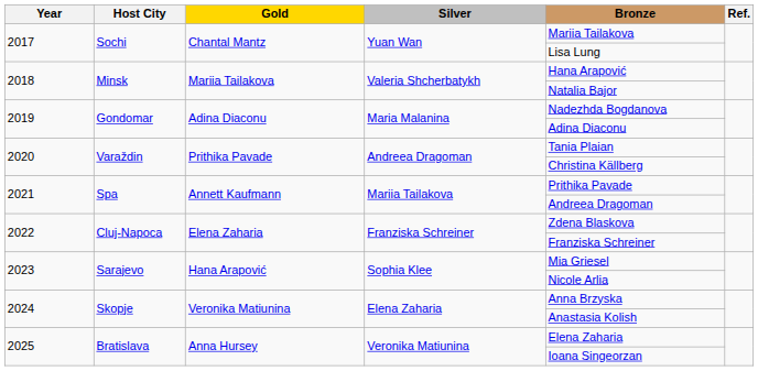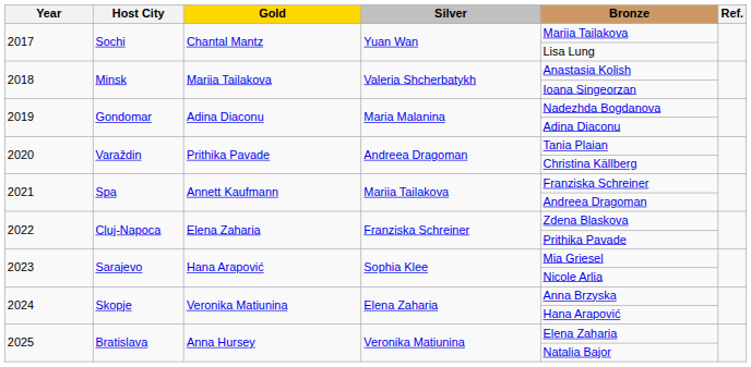 <table class="wikitable" style="text-align:left; width:1000px;">
 <tr>
 <th width="120">Year</th>
 <th width="120">Host City</th>
 <th width="250" style="background-color: gold">Gold</th>
 <th width="250" style="background-color: silver">Silver</th>
 <th width="250" style="background-color: #cc9966">Bronze</th>
 <th width="15">Ref.</th>
 </tr>
 <tr>
 <td rowspan=2>2017</td>
 <td rowspan=2><a href='#'>Sochi</a></td>
 <td rowspan=2> <a href='#'>Chantal Mantz</a></td>
 <td rowspan=2> <a href='#'>Yuan Wan</a></td>
 <td> <a href='#'>Mariia Tailakova</a></td>
 <td rowspan=2></td>
 </tr>
 <tr>
 <td> Lisa Lung</td>
 </tr>
 <tr>
 <td rowspan=2>2018</td>
 <td rowspan=2><a href='#'>Minsk</a></td>
 <td rowspan=2> <a href='#'>Mariia Tailakova</a></td>
 <td rowspan=2> <a href='#'>Valeria Shcherbatykh</a></td>
-<td> <a href='#'>Hana Arapović</a></td>
+<td> <a href='#'>Anastasia Kolish</a></td>
 <td rowspan=2></td>
 </tr>
 <tr>
-<td> <a href='#'>Natalia Bajor</a></td>
+<td> <a href='#'>Ioana Singeorzan</a></td>
 </tr>
 <tr>
 <td rowspan=2>2019</td>
 <td rowspan=2><a href='#'>Gondomar</a></td>
 <td rowspan=2> <a href='#'>Adina Diaconu</a></td>
 <td rowspan=2> <a href='#'>Maria Malanina</a></td>
 <td> <a href='#'>Nadezhda Bogdanova</a></td>
 <td rowspan=2></td>
 </tr>
 <tr>
 <td> <a href='#'>Adina Diaconu</a></td>
 </tr>
 <tr>
 <td rowspan=2>2020</td>
 <td rowspan=2><a href='#'>Varaždin</a></td>
 <td rowspan=2> <a href='#'>Prithika Pavade</a></td>
 <td rowspan=2> <a href='#'>Andreea Dragoman</a></td>
 <td> <a href='#'>Tania Plaian</a></td>
 <td rowspan=2></td>
 </tr>
 <tr>
 <td> <a href='#'>Christina Källberg</a></td>
 </tr>
 <tr>
 <td rowspan=2>2021</td>
 <td rowspan=2><a href='#'>Spa</a></td>
 <td rowspan=2> <a href='#'>Annett Kaufmann</a></td>
 <td rowspan=2> <a href='#'>Mariia Tailakova</a></td>
-<td> <a href='#'>Prithika Pavade</a></td>
+<td> <a href='#'>Franziska Schreiner</a></td>
 <td rowspan=2></td>
 </tr>
 <tr>
 <td> <a href='#'>Andreea Dragoman</a></td>
 </tr>
 <tr>
 <td rowspan=2>2022</td>
 <td rowspan=2><a href='#'>Cluj-Napoca</a></td>
 <td rowspan=2> <a href='#'>Elena Zaharia</a></td>
 <td rowspan=2> <a href='#'>Franziska Schreiner</a></td>
 <td> <a href='#'>Zdena Blaskova</a></td>
 <td rowspan=2></td>
 </tr>
 <tr>
-<td> <a href='#'>Franziska Schreiner</a></td>
+<td> <a href='#'>Prithika Pavade</a></td>
 </tr>
 <tr>
 <td rowspan=2>2023</td>
 <td rowspan=2><a href='#'>Sarajevo</a></td>
 <td rowspan=2> <a href='#'>Hana Arapović</a></td>
 <td rowspan=2> <a href='#'>Sophia Klee</a></td>
 <td> <a href='#'>Mia Griesel</a></td>
 <td rowspan=2></td>
 </tr>
 <tr>
 <td> <a href='#'>Nicole Arlia</a></td>
 </tr>
 <tr>
 <td rowspan=2>2024</td>
 <td rowspan=2><a href='#'>Skopje</a></td>
 <td rowspan=2> <a href='#'>Veronika Matiunina</a></td>
 <td rowspan=2> <a href='#'>Elena Zaharia</a></td>
 <td> <a href='#'>Anna Brzyska</a></td>
 <td rowspan=2></td>
 </tr>
 <tr>
-<td> <a href='#'>Anastasia Kolish</a></td>
+<td> <a href='#'>Hana Arapović</a></td>
 </tr>
 <tr>
 <td rowspan=2>2025</td>
 <td rowspan=2><a href='#'>Bratislava</a></td>
 <td rowspan=2> <a href='#'>Anna Hursey</a></td>
 <td rowspan=2> <a href='#'>Veronika Matiunina</a></td>
 <td> <a href='#'>Elena Zaharia</a></td>
 <td rowspan=2></td>
 </tr>
 <tr>
-<td> <a href='#'>Ioana Singeorzan</a></td>
+<td> <a href='#'>Natalia Bajor</a></td>
 </tr>
 </table>
